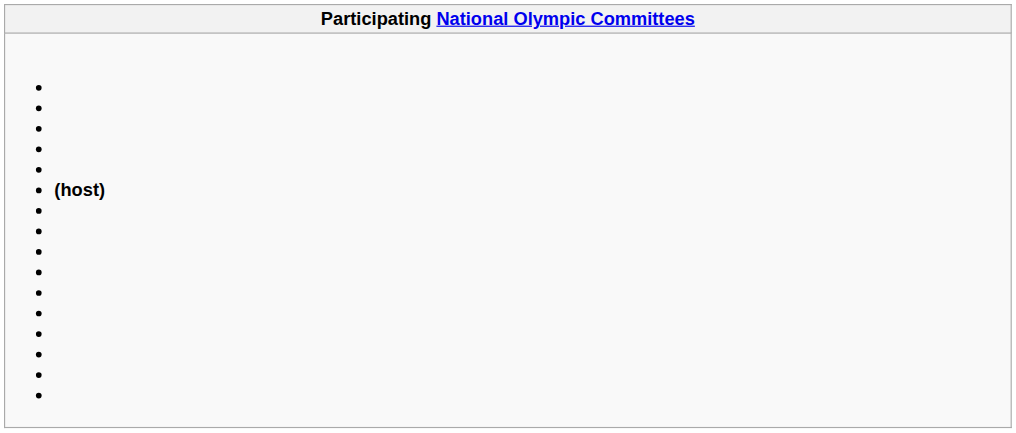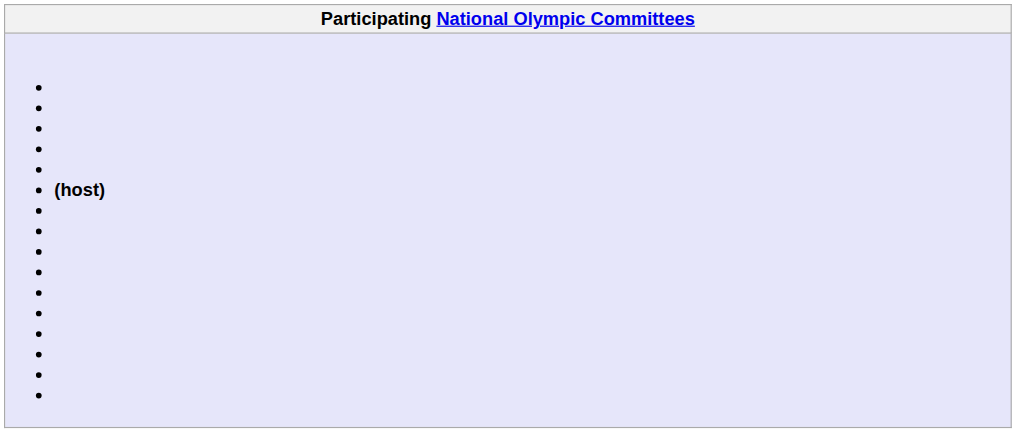 <table class="wikitable collapsible" style="width:100%;">
 <tr>
 <th>Participating <a href='#'>National Olympic Committees</a></th>
 </tr>
 <tr>
-<td><br><ul><li></li><li></li><li></li><li></li><li></li><li> <strong>(host)</strong></li><li></li><li></li><li></li><li></li><li></li><li></li><li></li><li></li><li></li><li></li></ul></td>
+<td style="background: lavender;"><br><ul><li></li><li></li><li></li><li></li><li></li><li> <strong>(host)</strong></li><li></li><li></li><li></li><li></li><li></li><li></li><li></li><li></li><li></li><li></li></ul></td>
 </tr>
 </table>
